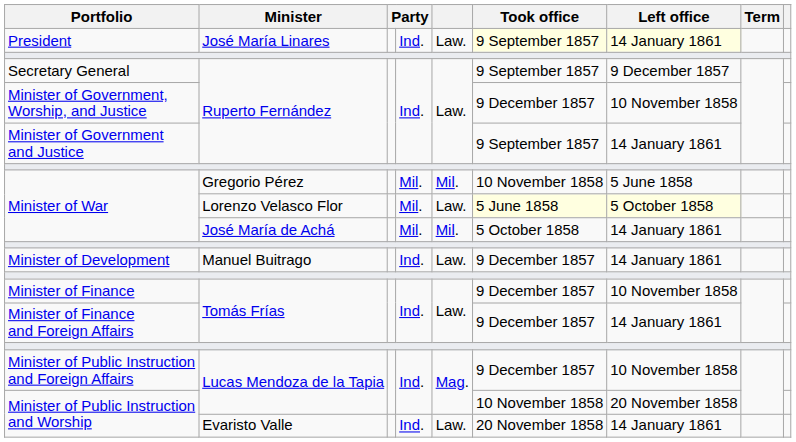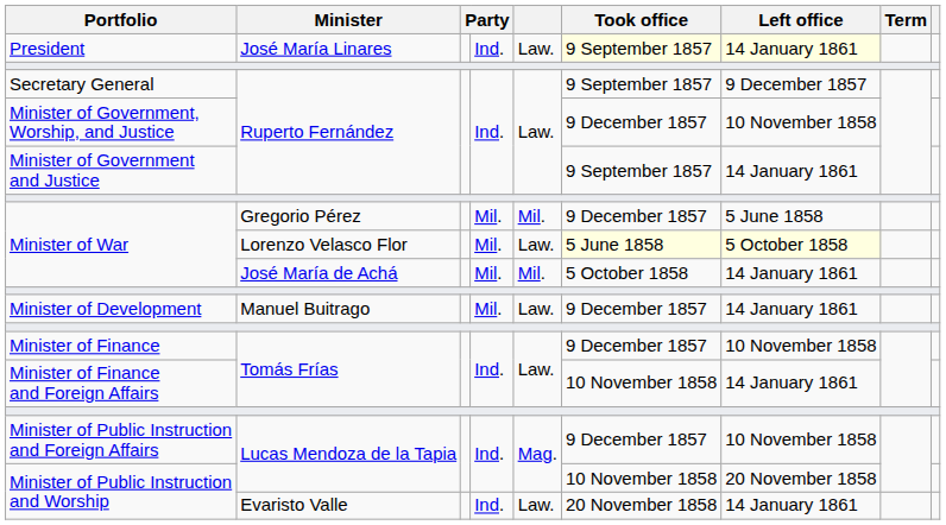 <table class="wikitable" style="font-size:90%;">
 <tr>
 <th>Portfolio</th>
 <th>Minister</th>
 <th colspan="2">Party</th>
 <th></th>
 <th>Took office</th>
 <th>Left office</th>
 <th>Term</th>
 <th></th>
 </tr>
 <tr>
 <td><a href='#'>President</a></td>
 <td><a href='#'>José María Linares</a></td>
 <td style="background-color:"></td>
 <td><a href='#'>Ind</a>.</td>
 <td>Law.</td>
 <td style="background-color:#FFFFE0;">9 September 1857</td>
 <td style="background-color:#FFFFE0;">14 January 1861</td>
 <td></td>
 <td></td>
 </tr>
 <tr>
 <td colspan="9" bgcolor="#EAECF0"></td>
 </tr>
 <tr>
 <td>Secretary General</td>
 <td rowspan=3><a href='#'>Ruperto Fernández</a></td>
 <td rowspan=3 style="background-color:"></td>
 <td rowspan=3><a href='#'>Ind</a>.</td>
 <td rowspan=3>Law.</td>
 <td>9 September 1857</td>
 <td>9 December 1857</td>
 <td rowspan=3></td>
 <td></td>
 </tr>
 <tr>
 <td><a href='#'>Minister of Government,<br>Worship, and Justice</a></td>
 <td>9 December 1857</td>
 <td>10 November 1858</td>
 <td></td>
 </tr>
 <tr>
 <td><a href='#'>Minister of Government<br>and Justice</a></td>
 <td>9 September 1857</td>
 <td>14 January 1861</td>
 <td></td>
 </tr>
 <tr>
 <td colspan="9" bgcolor="#EAECF0"></td>
 </tr>
 <tr>
 <td rowspan=3><a href='#'>Minister of War</a></td>
 <td>Gregorio Pérez</td>
 <td style="background-color:"></td>
 <td><a href='#'>Mil</a>.</td>
 <td><a href='#'>Mil</a>.</td>
-<td>10 November 1858</td>
+<td>9 December 1857</td>
 <td>5 June 1858</td>
 <td></td>
 <td></td>
 </tr>
 <tr>
 <td>Lorenzo Velasco Flor</td>
 <td style="background-color:"></td>
 <td><a href='#'>Mil</a>.</td>
 <td>Law.</td>
 <td style="background-color:#FFFFE0;">5 June 1858</td>
 <td style="background-color:#FFFFE0;">5 October 1858</td>
 <td></td>
 <td></td>
 </tr>
 <tr>
 <td><a href='#'>José María de Achá</a></td>
 <td style="background-color:"></td>
 <td><a href='#'>Mil</a>.</td>
 <td><a href='#'>Mil</a>.</td>
 <td>5 October 1858</td>
 <td>14 January 1861</td>
 <td></td>
 <td></td>
 </tr>
 <tr>
 <td colspan="9" bgcolor="#EAECF0"></td>
 </tr>
 <tr>
 <td><a href='#'>Minister of Development</a></td>
 <td>Manuel Buitrago</td>
 <td style="background-color:"></td>
-<td><a href='#'>Ind</a>.</td>
+<td><a href='#'>Mil</a>.</td>
 <td>Law.</td>
 <td>9 December 1857</td>
 <td>14 January 1861</td>
 <td></td>
 <td></td>
 </tr>
 <tr>
 <td colspan="9" bgcolor="#EAECF0"></td>
 </tr>
 <tr>
 <td><a href='#'>Minister of Finance</a></td>
 <td rowspan=2><a href='#'>Tomás Frías</a></td>
 <td rowspan=2 style="background-color:"></td>
 <td rowspan=2><a href='#'>Ind</a>.</td>
 <td rowspan=2>Law.</td>
 <td>9 December 1857</td>
 <td>10 November 1858</td>
 <td rowspan=2></td>
 <td></td>
 </tr>
 <tr>
 <td><a href='#'>Minister of Finance<br>and Foreign Affairs</a></td>
-<td>9 December 1857</td>
+<td>10 November 1858</td>
 <td>14 January 1861</td>
 <td></td>
 </tr>
 <tr>
 <td colspan="9" bgcolor="#EAECF0"></td>
 </tr>
 <tr>
 <td><a href='#'>Minister of Public Instruction<br>and Foreign Affairs</a></td>
 <td rowspan=2><a href='#'>Lucas Mendoza de la Tapia</a></td>
 <td rowspan=2 style="background-color:"></td>
 <td rowspan=2><a href='#'>Ind</a>.</td>
 <td rowspan=2><a href='#'>Mag</a>.</td>
 <td>9 December 1857</td>
 <td>10 November 1858</td>
 <td rowspan=2></td>
 <td></td>
 </tr>
 <tr>
 <td rowspan=2><a href='#'>Minister of Public Instruction<br>and Worship</a></td>
 <td>10 November 1858</td>
 <td>20 November 1858</td>
 <td></td>
 </tr>
 <tr>
 <td>Evaristo Valle</td>
 <td style="background-color:"></td>
 <td><a href='#'>Ind</a>.</td>
 <td>Law.</td>
 <td>20 November 1858</td>
 <td>14 January 1861</td>
 <td></td>
 <td></td>
 </tr>
 </table>
